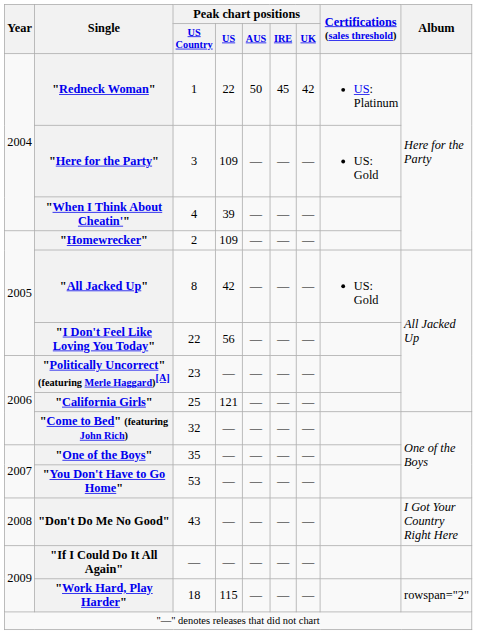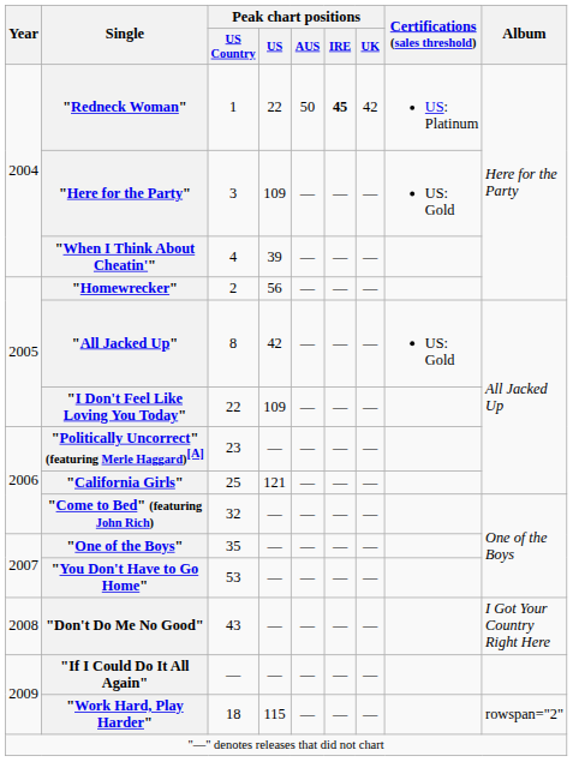 <table class="wikitable plainrowheaders" style="text-align:center;">
 <tr>
 <th rowspan="2">Year</th>
 <th rowspan="2" style="width:22em;">Single</th>
 <th colspan="5">Peak chart positions</th>
 <th rowspan="2"><a href='#'>Certifications</a><br><small>(<a href='#'>sales threshold</a>)</small></th>
 <th rowspan="2">Album</th>
 </tr>
 <tr style="font-size:smaller;">
 <th width="40"><a href='#'>US Country</a><br></th>
 <th width="40"><a href='#'>US</a><br></th>
 <th width="40"><a href='#'>AUS</a><br></th>
 <th width="40"><a href='#'>IRE</a><br></th>
 <th width="40"><a href='#'>UK</a><br></th>
 </tr>
 <tr>
 <td rowspan="3">2004</td>
 <th scope="row">"<a href='#'>Redneck Woman</a>"</th>
 <td>1</td>
 <td>22</td>
 <td>50</td>
-<td>45</td>
+<td><strong>45</strong></td>
 <td>42</td>
 <td align="left"><br><ul><li><a href='#'>US</a>: Platinum</li></ul></td>
 <td align="left" rowspan="4"><em>Here for the Party</em></td>
 </tr>
 <tr>
 <th scope="row">"<a href='#'>Here for the Party</a>"</th>
 <td>3</td>
 <td>109</td>
 <td>—</td>
 <td>—</td>
 <td>—</td>
 <td align="left"><br><ul><li>US: Gold</li></ul></td>
 </tr>
 <tr>
 <th scope="row">"<a href='#'>When I Think About Cheatin'</a>"</th>
 <td>4</td>
 <td>39</td>
 <td>—</td>
 <td>—</td>
 <td>—</td>
 <td></td>
 </tr>
 <tr>
 <td rowspan="3">2005</td>
 <th scope="row">"<a href='#'>Homewrecker</a>"</th>
 <td>2</td>
-<td>109</td>
+<td>56</td>
 <td>—</td>
 <td>—</td>
 <td>—</td>
 <td></td>
 </tr>
 <tr>
 <th scope="row">"<a href='#'>All Jacked Up</a>"</th>
 <td>8</td>
 <td>42</td>
 <td>—</td>
 <td>—</td>
 <td>—</td>
 <td align="left"><br><ul><li>US: Gold</li></ul></td>
 <td align="left" rowspan="4"><em>All Jacked Up</em></td>
 </tr>
 <tr>
 <th scope="row">"<a href='#'>I Don't Feel Like Loving You Today</a>"</th>
 <td>22</td>
-<td>56</td>
+<td>109</td>
 <td>—</td>
 <td>—</td>
 <td>—</td>
 <td></td>
 </tr>
 <tr>
 <td rowspan="3">2006</td>
 <th scope="row">"<a href='#'>Politically Uncorrect</a>" <small>(featuring <a href='#'>Merle Haggard</a>)</small><sup><a href='#'><strong>[A]</strong></a></sup></th>
 <td>23</td>
 <td>—</td>
 <td>—</td>
 <td>—</td>
 <td>—</td>
 <td></td>
 </tr>
 <tr>
 <th scope="row">"<a href='#'>California Girls</a>"</th>
 <td>25</td>
 <td>121</td>
 <td>—</td>
 <td>—</td>
 <td>—</td>
 <td></td>
 </tr>
 <tr>
 <th scope="row">"<a href='#'>Come to Bed</a>" <small>(featuring <a href='#'>John Rich</a>)</small></th>
 <td>32</td>
 <td>—</td>
 <td>—</td>
 <td>—</td>
 <td>—</td>
 <td></td>
 <td align="left" rowspan="3"><em>One of the Boys</em></td>
 </tr>
 <tr>
 <td rowspan="2">2007</td>
 <th scope="row">"<a href='#'>One of the Boys</a>"</th>
 <td>35</td>
 <td>—</td>
 <td>—</td>
 <td>—</td>
 <td>—</td>
 <td></td>
 </tr>
 <tr>
 <th scope="row">"<a href='#'>You Don't Have to Go Home</a>"</th>
 <td>53</td>
 <td>—</td>
 <td>—</td>
 <td>—</td>
 <td>—</td>
 <td></td>
 </tr>
 <tr>
 <td>2008</td>
 <th scope="row">"Don't Do Me No Good"</th>
 <td>43</td>
 <td>—</td>
 <td>—</td>
 <td>—</td>
 <td>—</td>
 <td></td>
 <td align="left"><em>I Got Your Country Right Here</em></td>
 </tr>
 <tr>
 <td rowspan="2">2009</td>
 <th scope="row">"If I Could Do It All Again"</th>
 <td>—</td>
 <td>—</td>
 <td>—</td>
 <td>—</td>
 <td>—</td>
 <td></td>
 </tr>
 <tr>
 <th scope="row">"<a href='#'>Work Hard, Play Harder</a>"</th>
 <td>18</td>
 <td>115</td>
 <td>—</td>
 <td>—</td>
 <td>—</td>
 <td></td>
 <td>rowspan="2" </td>
 </tr>
 <tr>
 <td colspan="9" style="font-size:85%">"—" denotes releases that did not chart</td>
 </tr>
 </table>
